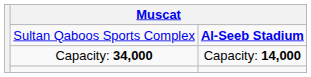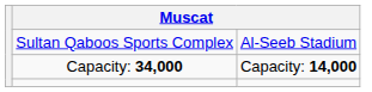 <table class="wikitable" style="text-align:center">
 <tr>
 <th rowspan="4"></th>
 <th colspan=2><a href='#'>Muscat</a></th>
 </tr>
 <tr>
 <td><a href='#'>Sultan Qaboos Sports Complex</a></td>
-<td><strong><a href='#'>Al-Seeb Stadium</a></strong></td>
+<td><a href='#'>Al-Seeb Stadium</a></td>
 </tr>
 <tr>
 <td>Capacity: <strong>34,000</strong></td>
 <td>Capacity: <strong>14,000</strong></td>
 </tr>
 <tr>
 <td></td>
 <td></td>
 </tr>
 </table>
